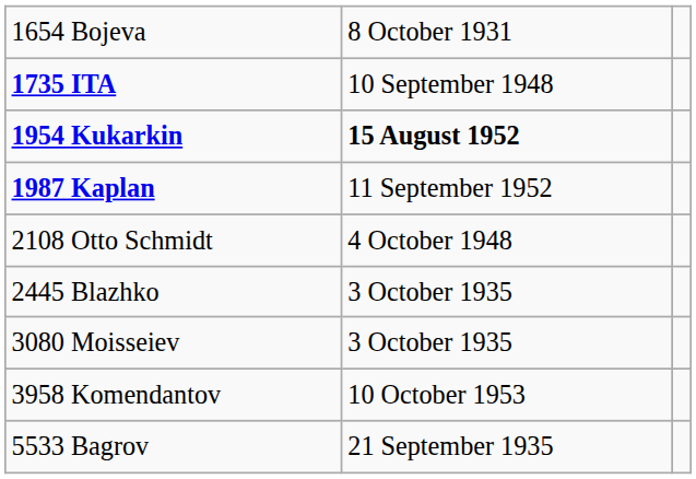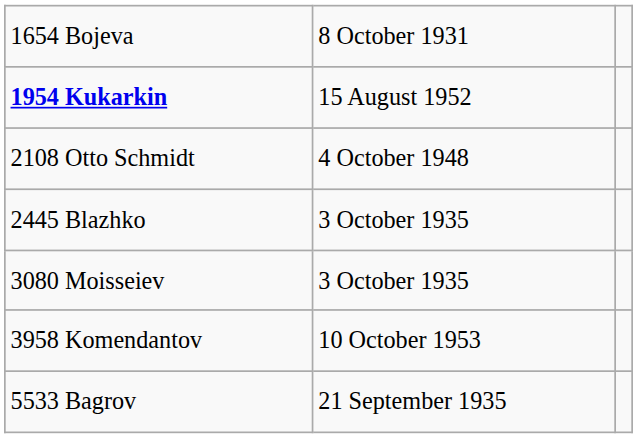 <table class="wikitable" style="font-size: 89%; float: left; width: 26em; margin-right: 1em; height: 252px;">
 <tr>
 <td>1654 Bojeva</td>
 <td>8 October 1931</td>
 <td></td>
 </tr>
 <tr>
-<td><strong><a href='#'>1735 ITA</a></strong></td>
-<td>10 September 1948</td>
-<td></td>
-</tr>
-<tr>
 <td><strong><a href='#'>1954 Kukarkin</a></strong></td>
-<td><strong>15 August 1952</strong></td>
-<td></td>
-</tr>
-<tr>
-<td><strong><a href='#'>1987 Kaplan</a></strong></td>
-<td>11 September 1952</td>
+<td>15 August 1952</td>
 <td></td>
 </tr>
 <tr>
 <td>2108 Otto Schmidt</td>
 <td>4 October 1948</td>
 <td></td>
 </tr>
 <tr>
 <td>2445 Blazhko</td>
 <td>3 October 1935</td>
 <td></td>
 </tr>
 <tr>
 <td>3080 Moisseiev</td>
 <td>3 October 1935</td>
 <td></td>
 </tr>
 <tr>
 <td>3958 Komendantov</td>
 <td>10 October 1953</td>
 <td></td>
 </tr>
 <tr>
 <td>5533 Bagrov</td>
 <td>21 September 1935</td>
 <td></td>
 </tr>
 </table>
